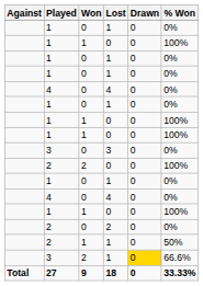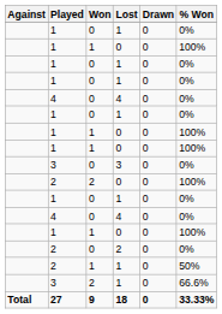 <table class="sortable wikitable" style="font-size: 87%;">
 <tr>
 <th>Against</th>
 <th>Played</th>
 <th>Won</th>
 <th>Lost</th>
 <th>Drawn</th>
 <th>% Won</th>
 </tr>
 <tr bgcolor="#d0ffd0" align="center">
 </tr>
 <tr>
 <td align="left"></td>
 <td>1</td>
 <td>0</td>
 <td>1</td>
 <td>0</td>
 <td>0%</td>
 </tr>
 <tr>
 <td align="left"></td>
 <td>1</td>
 <td>1</td>
 <td>0</td>
 <td>0</td>
 <td>100%</td>
 </tr>
 <tr>
 <td align="left"></td>
 <td>1</td>
 <td>0</td>
 <td>1</td>
 <td>0</td>
 <td>0%</td>
 </tr>
 <tr>
 <td align="left"></td>
 <td>1</td>
 <td>0</td>
 <td>1</td>
 <td>0</td>
 <td>0%</td>
 </tr>
 <tr>
 <td align="left"></td>
 <td>4</td>
 <td>0</td>
 <td>4</td>
 <td>0</td>
 <td>0%</td>
 </tr>
 <tr>
 <td align="left"></td>
 <td>1</td>
 <td>0</td>
 <td>1</td>
 <td>0</td>
 <td>0%</td>
 </tr>
 <tr>
 <td align="left"></td>
 <td>1</td>
 <td>1</td>
 <td>0</td>
 <td>0</td>
 <td>100%</td>
 </tr>
 <tr>
 <td align="left"></td>
 <td>1</td>
 <td>1</td>
 <td>0</td>
 <td>0</td>
 <td>100%</td>
 </tr>
 <tr>
 <td align="left"></td>
 <td>3</td>
 <td>0</td>
 <td>3</td>
 <td>0</td>
 <td>0%</td>
 </tr>
 <tr>
 <td align="left"></td>
 <td>2</td>
 <td>2</td>
 <td>0</td>
 <td>0</td>
 <td>100%</td>
 </tr>
 <tr>
 <td align="left"></td>
 <td>1</td>
 <td>0</td>
 <td>1</td>
 <td>0</td>
 <td>0%</td>
 </tr>
 <tr>
 <td align="left"></td>
 <td>4</td>
 <td>0</td>
 <td>4</td>
 <td>0</td>
 <td>0%</td>
 </tr>
 <tr>
 <td align="left"></td>
 <td>1</td>
 <td>1</td>
 <td>0</td>
 <td>0</td>
 <td>100%</td>
 </tr>
 <tr>
 <td align="left"></td>
 <td>2</td>
 <td>0</td>
 <td>2</td>
 <td>0</td>
 <td>0%</td>
 </tr>
 <tr>
 <td align="left"></td>
 <td>2</td>
 <td>1</td>
 <td>1</td>
 <td>0</td>
 <td>50%</td>
 </tr>
 <tr>
 <td align="left"></td>
 <td>3</td>
 <td>2</td>
 <td>1</td>
-<td style="background: gold;">0</td>
+<td>0</td>
 <td>66.6%</td>
 </tr>
 <tr class="sortbottom">
 <td align="left"><strong>Total</strong></td>
 <td><strong>27</strong></td>
 <td><strong>9</strong></td>
 <td><strong>18</strong></td>
 <td><strong>0</strong></td>
 <td><strong>33.33%</strong></td>
 </tr>
 </table>
